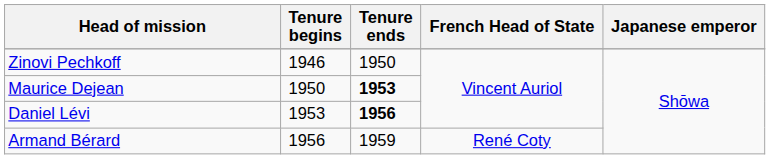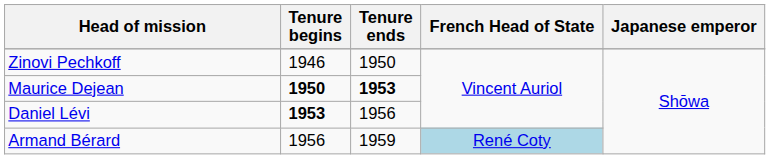 <table class="wikitable">
 <tr>
 <th>Head of mission</th>
 <th> Tenure <br> begins</th>
 <th> Tenure <br> ends</th>
 <th> French Head of State </th>
 <th> Japanese emperor </th>
 </tr>
 <tr>
 </tr>
 <tr>
 <td><a href='#'>Zinovi Pechkoff</a>                                   </td>
 <td> 1946</td>
 <td> 1950</td>
 <td rowspan="3" style="text-align:center;"><a href='#'>Vincent Auriol</a></td>
 <td rowspan="4" style="text-align:center;"><a href='#'>Shōwa</a></td>
 </tr>
 <tr>
 <td><a href='#'>Maurice Dejean</a></td>
-<td> 1950</td>
+<td><strong> 1950</strong></td>
 <td><strong> 1953</strong></td>
 </tr>
 <tr>
 <td><a href='#'>Daniel Lévi</a></td>
-<td> 1953</td>
-<td><strong> 1956</strong></td>
+<td><strong> 1953</strong></td>
+<td> 1956</td>
 </tr>
 <tr>
 <td><a href='#'>Armand Bérard</a></td>
 <td> 1956</td>
 <td> 1959</td>
-<td style="text-align:center;"><a href='#'>René Coty</a></td>
+<td style="background: lightblue; text-align:center;"><a href='#'>René Coty</a></td>
 </tr>
 </table>
